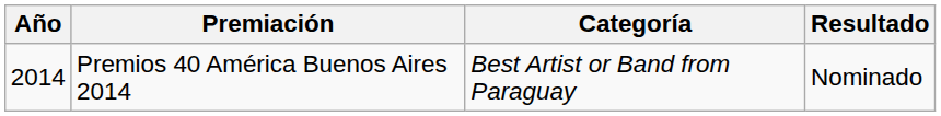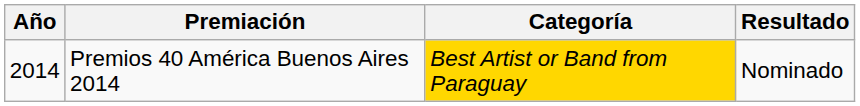 <table class="wikitable">
 <tr>
 <th>Año</th>
 <th>Premiación</th>
 <th>Categoría</th>
 <th>Resultado</th>
 </tr>
 <tr>
 <td rowspan="13">2014</td>
 <td rowspan="4">Premios 40 América Buenos Aires 2014</td>
-<td><em>Best Artist or Band from Paraguay</em></td>
+<td style="background: gold;"><em>Best Artist or Band from Paraguay</em></td>
 <td rowspan="">Nominado</td>
 </tr>
 </table>
